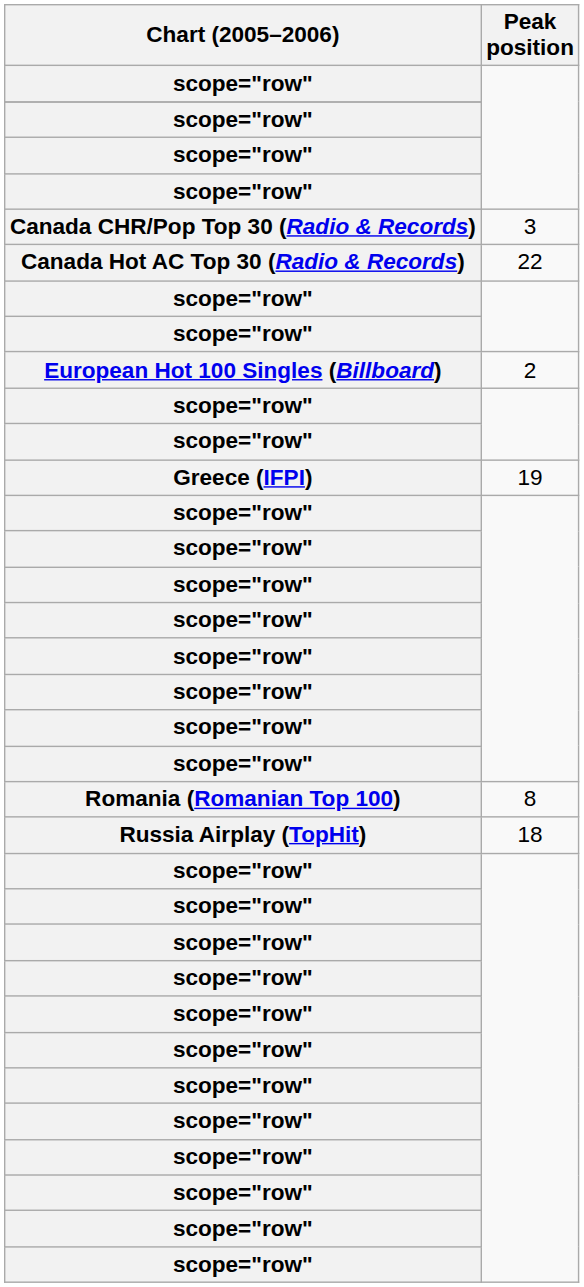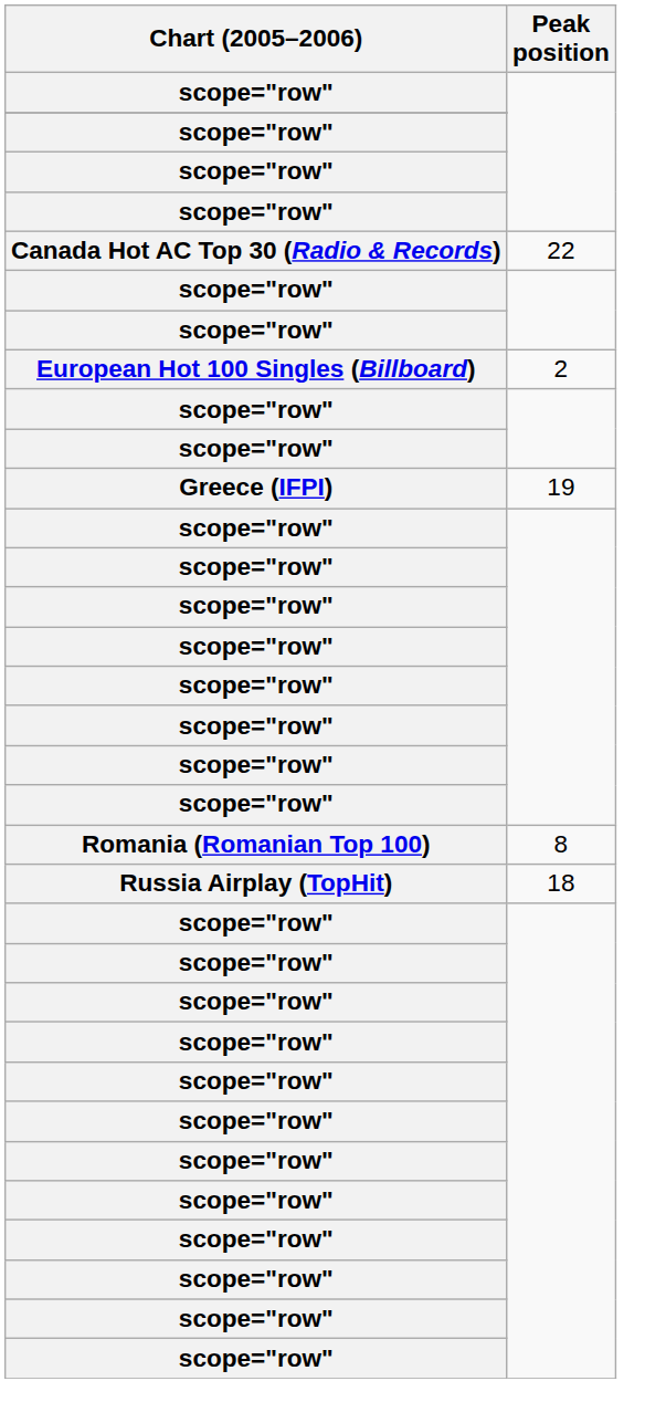 <table class="wikitable sortable plainrowheaders" style="text-align:center">
 <tr>
 <th>Chart (2005–2006)</th>
 <th>Peak<br>position</th>
 </tr>
 <tr>
 <th>scope="row" </th>
 </tr>
 <tr>
 </tr>
 <tr>
 <th>scope="row" </th>
 </tr>
 <tr>
 <th>scope="row" </th>
 </tr>
 <tr>
 <th>scope="row" </th>
-</tr>
-<tr>
-<th scope="row">Canada CHR/Pop Top 30 (<em><a href='#'>Radio & Records</a></em>)</th>
-<td>3</td>
 </tr>
 <tr>
 <th scope="row">Canada Hot AC Top 30 (<em><a href='#'>Radio & Records</a></em>)</th>
 <td>22</td>
 </tr>
 <tr>
 <th>scope="row" </th>
 </tr>
 <tr>
 <th>scope="row" </th>
 </tr>
 <tr>
 <th scope="row"><a href='#'>European Hot 100 Singles</a> (<em><a href='#'>Billboard</a></em>)</th>
 <td>2</td>
 </tr>
 <tr>
 <th>scope="row" </th>
 </tr>
 <tr>
 <th>scope="row" </th>
 </tr>
 <tr>
 <th scope="row">Greece (<a href='#'>IFPI</a>)</th>
 <td>19</td>
 </tr>
 <tr>
 <th>scope="row" </th>
 </tr>
 <tr>
 <th>scope="row" </th>
 </tr>
 <tr>
 <th>scope="row" </th>
 </tr>
 <tr>
 <th>scope="row" </th>
 </tr>
 <tr>
 <th>scope="row" </th>
 </tr>
 <tr>
 <th>scope="row" </th>
 </tr>
 <tr>
 <th>scope="row" </th>
 </tr>
 <tr>
 <th>scope="row" </th>
 </tr>
 <tr>
 <th scope="row">Romania (<a href='#'>Romanian Top 100</a>)</th>
 <td>8</td>
 </tr>
 <tr>
 <th scope="row">Russia Airplay (<a href='#'>TopHit</a>)</th>
 <td>18</td>
 </tr>
 <tr>
 <th>scope="row" </th>
 </tr>
 <tr>
 <th>scope="row" </th>
 </tr>
 <tr>
 <th>scope="row" </th>
 </tr>
 <tr>
 <th>scope="row" </th>
 </tr>
 <tr>
 <th>scope="row" </th>
 </tr>
 <tr>
 <th>scope="row" </th>
 </tr>
 <tr>
 <th>scope="row" </th>
 </tr>
 <tr>
 <th>scope="row" </th>
 </tr>
 <tr>
 <th>scope="row" </th>
 </tr>
 <tr>
 <th>scope="row" </th>
 </tr>
 <tr>
 <th>scope="row" </th>
 </tr>
 <tr>
 <th>scope="row" </th>
 </tr>
 </table>
